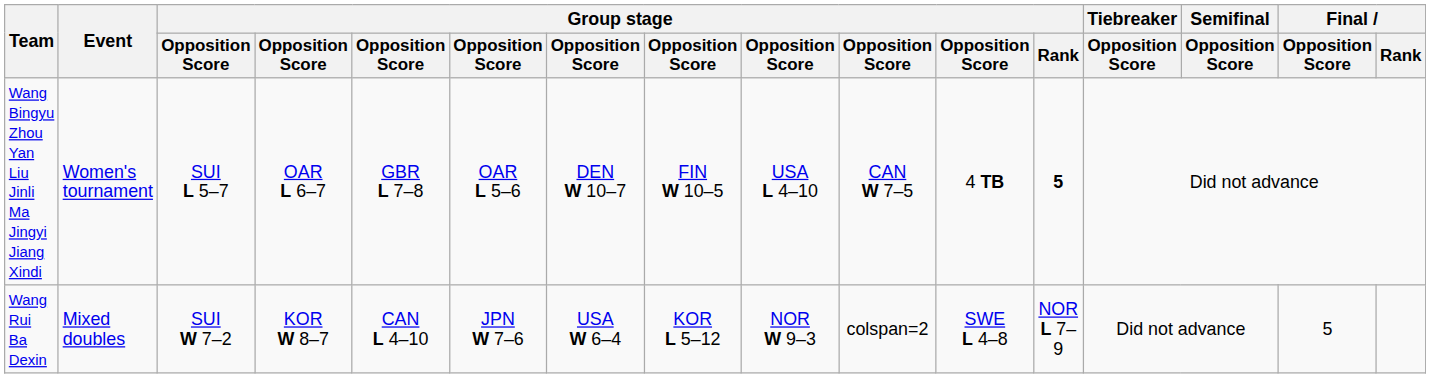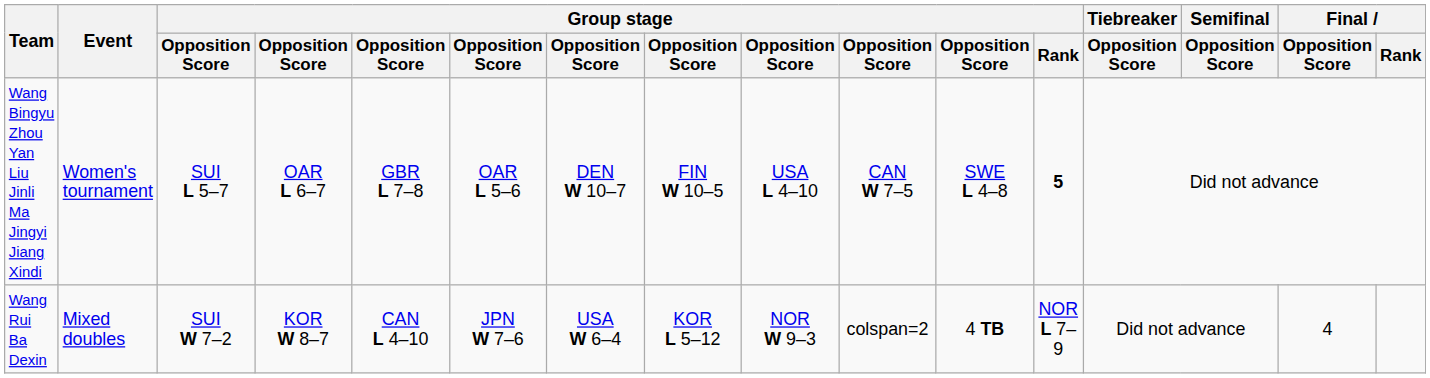 <table class="wikitable" style="font-size:90%">
 <tr>
 <th rowspan=2>Team</th>
 <th rowspan=2>Event</th>
 <th colspan=10>Group stage</th>
 <th>Tiebreaker</th>
 <th>Semifinal</th>
 <th colspan=2>Final / </th>
 </tr>
 <tr style="font-size:95%">
 <th>Opposition<br>Score</th>
 <th>Opposition<br>Score</th>
 <th>Opposition<br>Score</th>
 <th>Opposition<br>Score</th>
 <th>Opposition<br>Score</th>
 <th>Opposition<br>Score</th>
 <th>Opposition<br>Score</th>
 <th>Opposition<br>Score</th>
 <th>Opposition<br>Score</th>
 <th>Rank</th>
 <th>Opposition<br>Score</th>
 <th>Opposition<br>Score</th>
 <th>Opposition<br>Score</th>
 <th>Rank</th>
 </tr>
 <tr align=center>
 <td align=left><small><a href='#'>Wang Bingyu</a><br><a href='#'>Zhou Yan</a><br><a href='#'>Liu Jinli</a><br><a href='#'>Ma Jingyi</a><br><a href='#'>Jiang Xindi</a></small></td>
 <td align=left><a href='#'>Women's tournament</a></td>
 <td> <a href='#'>SUI</a><br> <strong>L</strong> 5–7</td>
 <td> <a href='#'>OAR</a><br> <strong>L</strong> 6–7</td>
 <td> <a href='#'>GBR</a><br> <strong>L</strong> 7–8</td>
 <td> <a href='#'>OAR</a><br> <strong>L</strong> 5–6</td>
 <td> <a href='#'>DEN</a><br> <strong>W</strong> 10–7</td>
 <td> <a href='#'>FIN</a><br> <strong>W</strong> 10–5</td>
 <td> <a href='#'>USA</a><br> <strong>L</strong> 4–10</td>
 <td> <a href='#'>CAN</a><br> <strong>W</strong> 7–5</td>
-<td>4 <strong>TB</strong></td>
+<td> <a href='#'>SWE</a><br> <strong>L</strong> 4–8</td>
 <td><strong>5</strong></td>
 <td colspan=4>Did not advance</td>
 </tr>
 <tr align=center>
 <td align=left><small><a href='#'>Wang Rui</a><br><a href='#'>Ba Dexin</a></small></td>
 <td align=left><a href='#'>Mixed doubles</a></td>
 <td> <a href='#'>SUI</a><br> <strong>W</strong> 7–2</td>
 <td> <a href='#'>KOR</a><br> <strong>W</strong> 8–7</td>
 <td> <a href='#'>CAN</a><br> <strong>L</strong> 4–10</td>
 <td> <a href='#'>JPN</a><br> <strong>W</strong> 7–6</td>
 <td> <a href='#'>USA</a><br> <strong>W</strong> 6–4</td>
 <td> <a href='#'>KOR</a><br> <strong>L</strong> 5–12</td>
 <td> <a href='#'>NOR</a><br> <strong>W</strong> 9–3</td>
 <td>colspan=2 </td>
-<td> <a href='#'>SWE</a><br> <strong>L</strong> 4–8</td>
+<td>4 <strong>TB</strong></td>
 <td> <a href='#'>NOR</a><br> <strong>L</strong> 7–9</td>
 <td colspan=2>Did not advance</td>
-<td>5</td>
+<td>4</td>
 </tr>
 </table>
